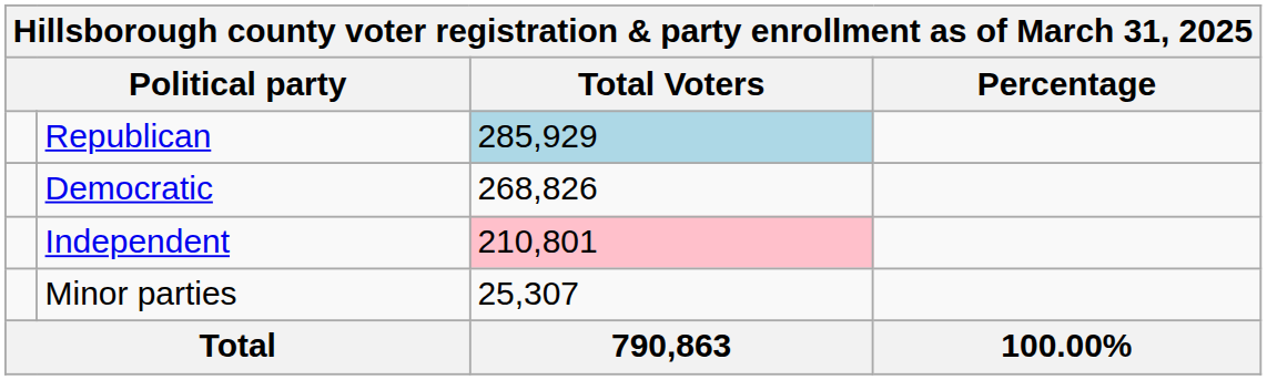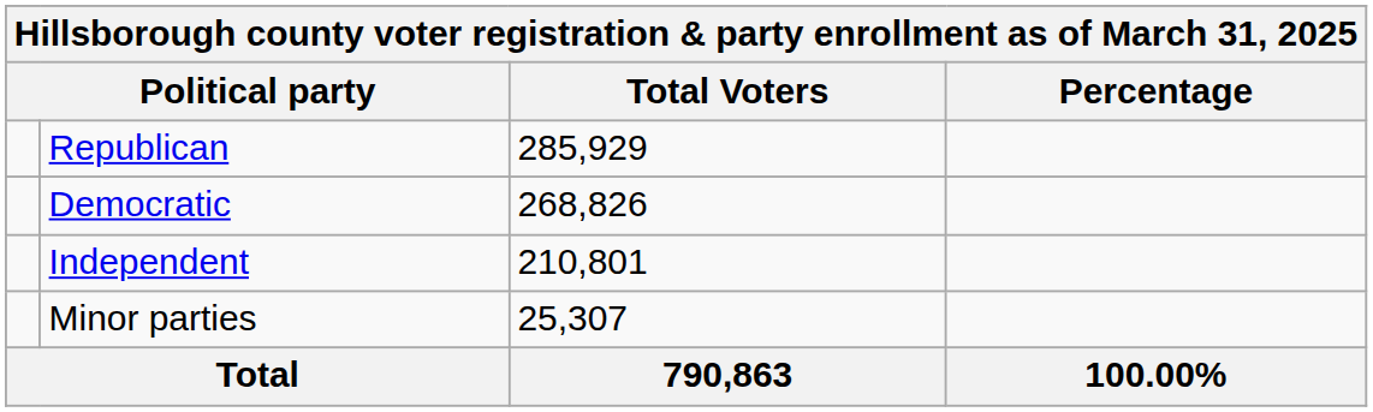 <table class=wikitable>
 <tr>
 <th colspan = 6>Hillsborough county voter registration & party enrollment as of March 31, 2025</th>
 </tr>
 <tr>
 <th colspan = 2>Political party</th>
 <th>Total Voters</th>
 <th>Percentage</th>
 </tr>
 <tr>
 <td></td>
 <td><a href='#'>Republican</a></td>
-<td style="background: lightblue;">285,929</td>
+<td>285,929</td>
 <td></td>
 </tr>
 <tr>
 <td></td>
 <td><a href='#'>Democratic</a></td>
 <td>268,826</td>
 <td></td>
 </tr>
 <tr>
 <td></td>
 <td><a href='#'>Independent</a></td>
-<td style="background: pink;">210,801</td>
+<td>210,801</td>
 <td></td>
 </tr>
 <tr>
 <td></td>
 <td>Minor parties</td>
 <td>25,307</td>
 <td></td>
 </tr>
 <tr>
 <th colspan="2">Total</th>
 <th>790,863</th>
 <th>100.00%</th>
 </tr>
 </table>
